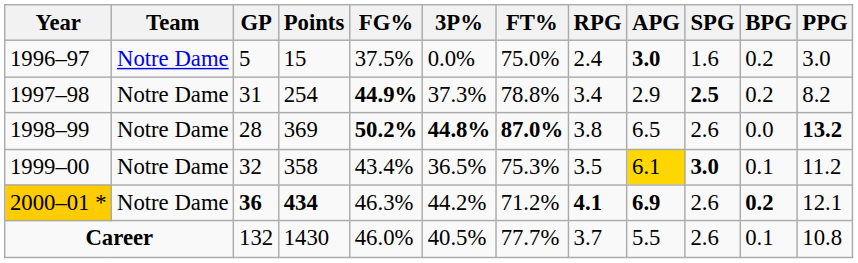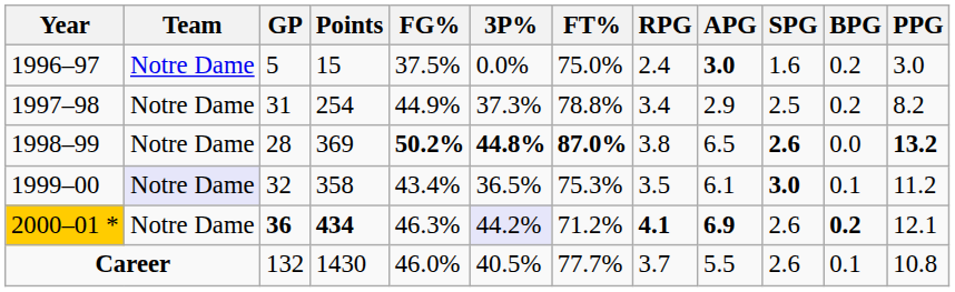 <table class="wikitable sortable">
 <tr>
 <th>Year</th>
 <th>Team</th>
 <th>GP</th>
 <th>Points</th>
 <th>FG%</th>
 <th>3P%</th>
 <th>FT%</th>
 <th>RPG</th>
 <th>APG</th>
 <th>SPG</th>
 <th>BPG</th>
 <th>PPG</th>
 </tr>
 <tr>
 <td>1996–97</td>
 <td><a href='#'>Notre Dame</a></td>
 <td>5</td>
 <td>15</td>
 <td>37.5%</td>
 <td>0.0%</td>
 <td>75.0%</td>
 <td>2.4</td>
 <td><strong>3.0</strong></td>
 <td>1.6</td>
 <td>0.2</td>
 <td>3.0</td>
 </tr>
 <tr>
 <td>1997–98</td>
 <td>Notre Dame</td>
 <td>31</td>
 <td>254</td>
-<td><strong>44.9%</strong></td>
+<td>44.9%</td>
 <td>37.3%</td>
 <td>78.8%</td>
 <td>3.4</td>
 <td>2.9</td>
-<td><strong>2.5</strong></td>
+<td>2.5</td>
 <td>0.2</td>
 <td>8.2</td>
 </tr>
 <tr>
 <td>1998–99</td>
 <td>Notre Dame</td>
 <td>28</td>
 <td>369</td>
 <td><strong>50.2%</strong></td>
 <td><strong>44.8%</strong></td>
 <td><strong>87.0%</strong></td>
 <td>3.8</td>
 <td>6.5</td>
-<td>2.6</td>
+<td><strong>2.6</strong></td>
 <td>0.0</td>
 <td><strong>13.2</strong></td>
 </tr>
 <tr>
 <td>1999–00</td>
-<td>Notre Dame</td>
+<td style="background: lavender;">Notre Dame</td>
 <td>32</td>
 <td>358</td>
 <td>43.4%</td>
 <td>36.5%</td>
 <td>75.3%</td>
 <td>3.5</td>
-<td style="background: gold;">6.1</td>
+<td>6.1</td>
 <td><strong>3.0</strong></td>
 <td>0.1</td>
 <td>11.2</td>
 </tr>
 <tr>
 <td bgcolor=#ffcc00>2000–01 *</td>
 <td>Notre Dame</td>
 <td><strong>36</strong></td>
 <td><strong>434</strong></td>
 <td>46.3%</td>
-<td>44.2%</td>
+<td style="background: lavender;">44.2%</td>
 <td>71.2%</td>
 <td><strong>4.1</strong></td>
 <td><strong>6.9</strong></td>
 <td>2.6</td>
 <td><strong>0.2</strong></td>
 <td>12.1</td>
 </tr>
 <tr class="sortbottom">
 <td align=center colspan=2><strong>Career</strong></td>
 <td>132</td>
 <td>1430</td>
 <td>46.0%</td>
 <td>40.5%</td>
 <td>77.7%</td>
 <td>3.7</td>
 <td>5.5</td>
 <td>2.6</td>
 <td>0.1</td>
 <td>10.8</td>
 </tr>
 </table>
